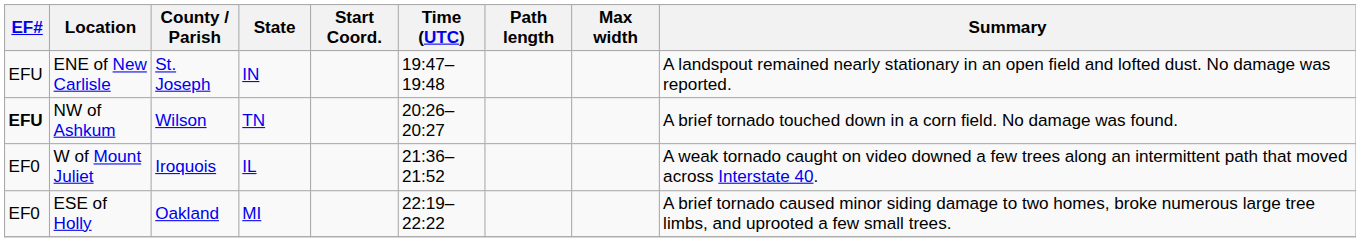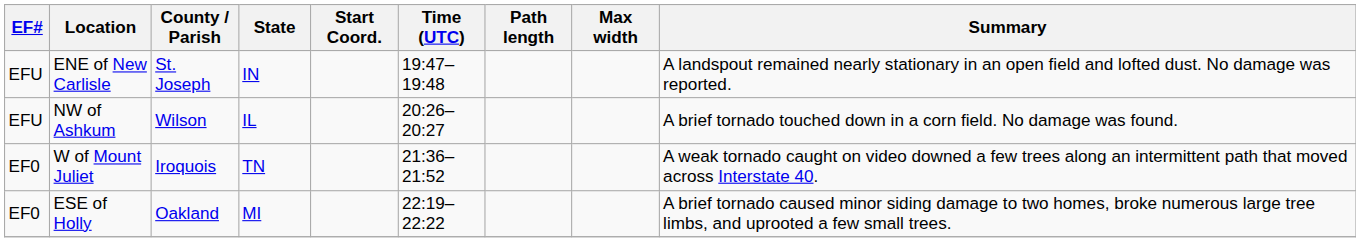 <table class="wikitable sortable" style="width:100%;">
 <tr>
 <th scope="col"  style="width:3%; text-align:center;"><a href='#'>EF#</a></th>
 <th scope="col"  style="width:7%; text-align:center;" class="unsortable">Location</th>
 <th scope="col"  style="width:6%; text-align:center;" class="unsortable">County / Parish</th>
 <th scope="col"  style="width:5%; text-align:center;">State</th>
 <th scope="col"  style="width:6%; text-align:center;">Start Coord.</th>
 <th scope="col"  style="width:6%; text-align:center;">Time (<a href='#'>UTC</a>)</th>
 <th scope="col"  style="width:6%; text-align:center;">Path length</th>
 <th scope="col"  style="width:6%; text-align:center;">Max width</th>
 <th scope="col" class="unsortable" style="width:48%; text-align:center;">Summary</th>
 </tr>
 <tr>
 <td>EFU</td>
 <td>ENE of <a href='#'>New Carlisle</a></td>
 <td><a href='#'>St. Joseph</a></td>
 <td><a href='#'>IN</a></td>
 <td></td>
 <td>19:47–19:48</td>
 <td></td>
 <td></td>
 <td>A landspout remained nearly stationary in an open field and lofted dust. No damage was reported.</td>
 </tr>
 <tr>
-<td><strong>EFU</strong></td>
+<td>EFU</td>
 <td>NW of <a href='#'>Ashkum</a></td>
 <td><a href='#'>Wilson</a></td>
-<td><a href='#'>TN</a></td>
+<td><a href='#'>IL</a></td>
 <td></td>
 <td>20:26–20:27</td>
 <td></td>
 <td></td>
 <td>A brief tornado touched down in a corn field. No damage was found.</td>
 </tr>
 <tr>
 <td>EF0</td>
 <td>W of <a href='#'>Mount Juliet</a></td>
 <td><a href='#'>Iroquois</a></td>
-<td><a href='#'>IL</a></td>
+<td><a href='#'>TN</a></td>
 <td></td>
 <td>21:36–21:52</td>
 <td></td>
 <td></td>
 <td>A weak tornado caught on video downed a few trees along an intermittent path that moved across <a href='#'>Interstate 40</a>.</td>
 </tr>
 <tr>
 <td>EF0</td>
 <td>ESE of <a href='#'>Holly</a></td>
 <td><a href='#'>Oakland</a></td>
 <td><a href='#'>MI</a></td>
 <td></td>
 <td>22:19–22:22</td>
 <td></td>
 <td></td>
 <td>A brief tornado caused minor siding damage to two homes, broke numerous large tree limbs, and uprooted a few small trees.</td>
 </tr>
 <tr>
 </tr>
 </table>
